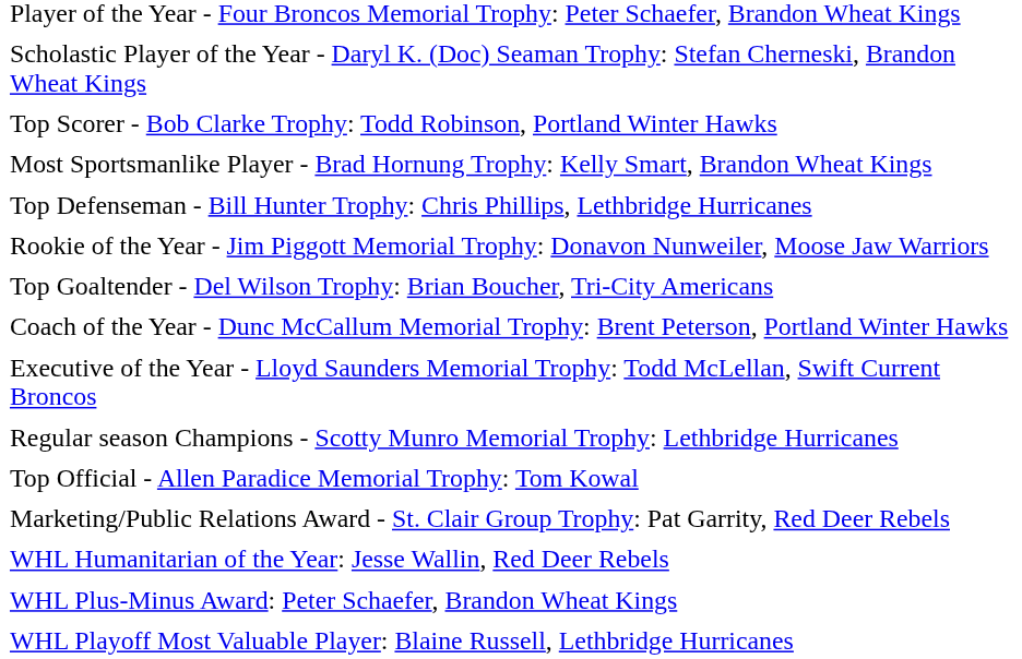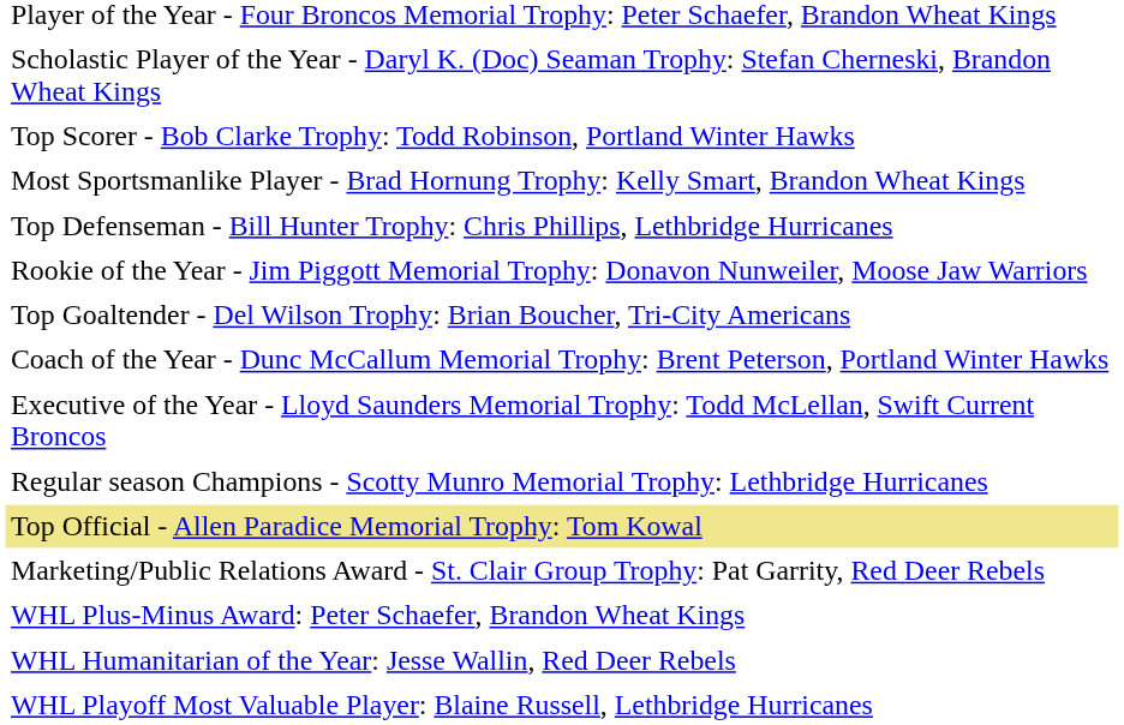 <table cellpadding="3" cellspacing="1">
 <tr>
 <td>Player of the Year - <a href='#'>Four Broncos Memorial Trophy</a>: <a href='#'>Peter Schaefer</a>, <a href='#'>Brandon Wheat Kings</a></td>
 </tr>
 <tr>
 <td>Scholastic Player of the Year - <a href='#'>Daryl K. (Doc) Seaman Trophy</a>: <a href='#'>Stefan Cherneski</a>, <a href='#'>Brandon Wheat Kings</a></td>
 </tr>
 <tr>
 <td>Top Scorer - <a href='#'>Bob Clarke Trophy</a>: <a href='#'>Todd Robinson</a>, <a href='#'>Portland Winter Hawks</a></td>
 </tr>
 <tr>
 <td>Most Sportsmanlike Player - <a href='#'>Brad Hornung Trophy</a>: <a href='#'>Kelly Smart</a>, <a href='#'>Brandon Wheat Kings</a></td>
 </tr>
 <tr>
 <td>Top Defenseman - <a href='#'>Bill Hunter Trophy</a>: <a href='#'>Chris Phillips</a>, <a href='#'>Lethbridge Hurricanes</a></td>
 </tr>
 <tr>
 <td>Rookie of the Year - <a href='#'>Jim Piggott Memorial Trophy</a>: <a href='#'>Donavon Nunweiler</a>, <a href='#'>Moose Jaw Warriors</a></td>
 </tr>
 <tr>
 <td>Top Goaltender - <a href='#'>Del Wilson Trophy</a>: <a href='#'>Brian Boucher</a>, <a href='#'>Tri-City Americans</a></td>
 </tr>
 <tr>
 <td>Coach of the Year - <a href='#'>Dunc McCallum Memorial Trophy</a>: <a href='#'>Brent Peterson</a>, <a href='#'>Portland Winter Hawks</a></td>
 </tr>
 <tr>
 <td>Executive of the Year - <a href='#'>Lloyd Saunders Memorial Trophy</a>: <a href='#'>Todd McLellan</a>, <a href='#'>Swift Current Broncos</a></td>
 </tr>
 <tr>
 <td>Regular season Champions - <a href='#'>Scotty Munro Memorial Trophy</a>: <a href='#'>Lethbridge Hurricanes</a></td>
 </tr>
 <tr>
-<td>Top Official - <a href='#'>Allen Paradice Memorial Trophy</a>: <a href='#'>Tom Kowal</a></td>
+<td style="background: khaki;">Top Official - <a href='#'>Allen Paradice Memorial Trophy</a>: <a href='#'>Tom Kowal</a></td>
 </tr>
 <tr>
 <td>Marketing/Public Relations Award - <a href='#'>St. Clair Group Trophy</a>: Pat Garrity, <a href='#'>Red Deer Rebels</a></td>
 </tr>
 <tr>
-<td><a href='#'>WHL Humanitarian of the Year</a>: <a href='#'>Jesse Wallin</a>, <a href='#'>Red Deer Rebels</a></td>
+<td><a href='#'>WHL Plus-Minus Award</a>: <a href='#'>Peter Schaefer</a>, <a href='#'>Brandon Wheat Kings</a></td>
 </tr>
 <tr>
-<td><a href='#'>WHL Plus-Minus Award</a>: <a href='#'>Peter Schaefer</a>, <a href='#'>Brandon Wheat Kings</a></td>
+<td><a href='#'>WHL Humanitarian of the Year</a>: <a href='#'>Jesse Wallin</a>, <a href='#'>Red Deer Rebels</a></td>
 </tr>
 <tr>
 <td><a href='#'>WHL Playoff Most Valuable Player</a>: <a href='#'>Blaine Russell</a>, <a href='#'>Lethbridge Hurricanes</a></td>
 </tr>
 </table>
